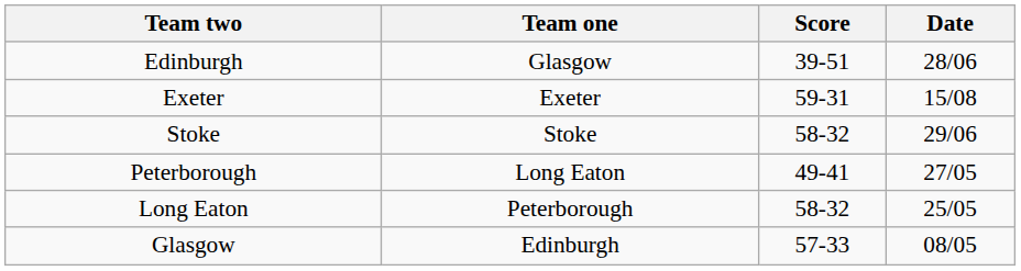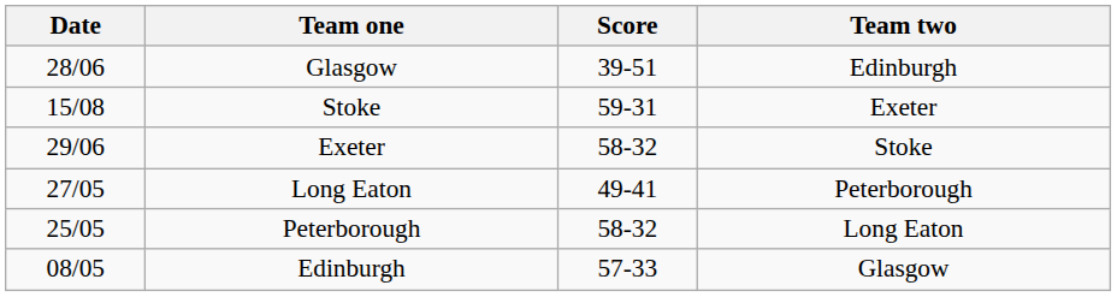 <table class="wikitable" style="text-align: center">
 <tr>
-<th width=250>Team two</th>
+<th width=80>Date</th>
 <th width=250>Team one</th>
 <th width=80>Score</th>
-<th width=80>Date</th>
+<th width=250>Team two</th>
 </tr>
 <tr>
-<td>Edinburgh</td>
+<td>28/06</td>
 <td>Glasgow</td>
 <td>39-51</td>
-<td>28/06</td>
+<td>Edinburgh</td>
 </tr>
 <tr>
+<td>15/08</td>
+<td>Stoke</td>
+<td>59-31</td>
 <td>Exeter</td>
-<td>Exeter</td>
-<td>59-31</td>
-<td>15/08</td>
 </tr>
 <tr>
+<td>29/06</td>
+<td>Exeter</td>
+<td>58-32</td>
 <td>Stoke</td>
-<td>Stoke</td>
-<td>58-32</td>
-<td>29/06</td>
 </tr>
 <tr>
-<td>Peterborough</td>
+<td>27/05</td>
 <td>Long Eaton</td>
 <td>49-41</td>
-<td>27/05</td>
+<td>Peterborough</td>
 </tr>
 <tr>
-<td>Long Eaton</td>
+<td>25/05</td>
 <td>Peterborough</td>
 <td>58-32</td>
-<td>25/05</td>
+<td>Long Eaton</td>
 </tr>
 <tr>
-<td>Glasgow</td>
+<td>08/05</td>
 <td>Edinburgh</td>
 <td>57-33</td>
-<td>08/05</td>
+<td>Glasgow</td>
 </tr>
 </table>
